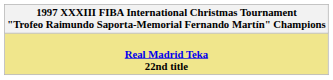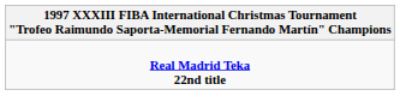 <table class=wikitable style="text-align:center; margin:auto">
 <tr>
 <th>1997 XXXIII FIBA International Christmas Tournament<br>"Trofeo Raimundo Saporta-Memorial Fernando Martín" Champions</th>
 </tr>
 <tr>
-<td style="background: khaki;"><br><strong><a href='#'>Real Madrid Teka</a></strong><br><strong>22nd title</strong></td>
+<td><br><strong><a href='#'>Real Madrid Teka</a></strong><br><strong>22nd title</strong></td>
 </tr>
 </table>
